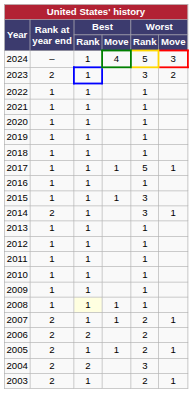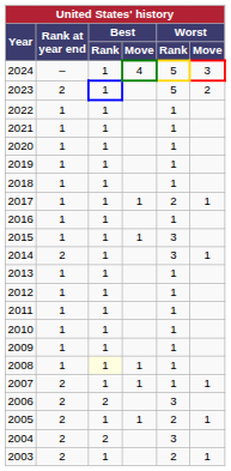 <table class="wikitable sortable" style="text-align:center;">
 <tr>
 <th colspan=9 style="background: #B22234; color: #FFFFFF;"> United States' <a href='#'></a> history</th>
 </tr>
 <tr>
 <th rowspan=2 style="background-color: #3C3B6E; color: #FFFFFF;">Year</th>
 <th rowspan=2 style="background-color: #3C3B6E; color: #FFFFFF;">Rank at<br>year end</th>
 <th colspan=2 style="background-color: #3C3B6E; color: #FFFFFF;">Best</th>
 <th colspan=2 style="background-color: #3C3B6E; color: #FFFFFF;">Worst</th>
 </tr>
 <tr>
 <th style="background-color: #3C3B6E; color: #FFFFFF;">Rank</th>
 <th style="background-color: #3C3B6E; color: #FFFFFF;">Move</th>
 <th style="background-color: #3C3B6E; color: #FFFFFF;">Rank</th>
 <th style="background-color: #3C3B6E; color: #FFFFFF;">Move</th>
 </tr>
 <tr>
 <td>2024</td>
 <td>–</td>
 <td>1</td>
 <td style="border: 3px solid green"> 4</td>
 <td style="border: 3px solid gold">5</td>
 <td style="border: 3px solid red"> 3</td>
 </tr>
 <tr>
 <td>2023</td>
 <td>2</td>
 <td style="border: 3px solid blue">1</td>
 <td></td>
-<td>3</td>
+<td>5</td>
 <td> 2</td>
 </tr>
 <tr>
 <td>2022</td>
 <td>1</td>
 <td>1</td>
 <td></td>
 <td>1</td>
 <td></td>
 </tr>
 <tr>
 <td>2021</td>
 <td>1</td>
 <td>1</td>
 <td></td>
 <td>1</td>
 <td></td>
 </tr>
 <tr>
 <td>2020</td>
 <td>1</td>
 <td>1</td>
 <td></td>
 <td>1</td>
 <td></td>
 </tr>
 <tr>
 <td>2019</td>
 <td>1</td>
 <td>1</td>
 <td></td>
 <td>1</td>
 <td></td>
 </tr>
 <tr>
 <td>2018</td>
 <td>1</td>
 <td>1</td>
 <td></td>
 <td>1</td>
 <td></td>
 </tr>
 <tr>
 <td>2017</td>
 <td>1</td>
 <td>1</td>
 <td> 1</td>
-<td>5</td>
+<td>2</td>
 <td> 1</td>
 </tr>
 <tr>
 <td>2016</td>
 <td>1</td>
 <td>1</td>
 <td></td>
 <td>1</td>
 <td></td>
 </tr>
 <tr>
 <td>2015</td>
 <td>1</td>
 <td>1</td>
 <td> 1</td>
 <td>3</td>
 <td></td>
 </tr>
 <tr>
 <td>2014</td>
 <td>2</td>
 <td>1</td>
 <td></td>
 <td>3</td>
 <td> 1</td>
 </tr>
 <tr>
 <td>2013</td>
 <td>1</td>
 <td>1</td>
 <td></td>
 <td>1</td>
 <td></td>
 </tr>
 <tr>
 <td>2012</td>
 <td>1</td>
 <td>1</td>
 <td></td>
 <td>1</td>
 <td></td>
 </tr>
 <tr>
 <td>2011</td>
 <td>1</td>
 <td>1</td>
 <td></td>
 <td>1</td>
 <td></td>
 </tr>
 <tr>
 <td>2010</td>
 <td>1</td>
 <td>1</td>
 <td></td>
 <td>1</td>
 <td></td>
 </tr>
 <tr>
 <td>2009</td>
 <td>1</td>
 <td>1</td>
 <td></td>
 <td>1</td>
 <td></td>
 </tr>
 <tr>
 <td>2008</td>
 <td>1</td>
 <td style="background: lightyellow;">1</td>
 <td> 1</td>
 <td>1</td>
 <td></td>
 </tr>
 <tr>
 <td>2007</td>
 <td>2</td>
 <td>1</td>
 <td> 1</td>
-<td>2</td>
+<td>1</td>
 <td> 1</td>
 </tr>
 <tr>
 <td>2006</td>
 <td>2</td>
 <td>2</td>
 <td></td>
-<td>2</td>
+<td>3</td>
 <td></td>
 </tr>
 <tr>
 <td>2005</td>
 <td>2</td>
 <td>1</td>
 <td> 1</td>
 <td>2</td>
 <td> 1</td>
 </tr>
 <tr>
 <td>2004</td>
 <td>2</td>
 <td>2</td>
 <td></td>
 <td>3</td>
 <td></td>
 </tr>
 <tr>
 <td>2003</td>
 <td>2</td>
 <td>1</td>
 <td></td>
 <td>2</td>
 <td> 1</td>
 </tr>
 </table>
